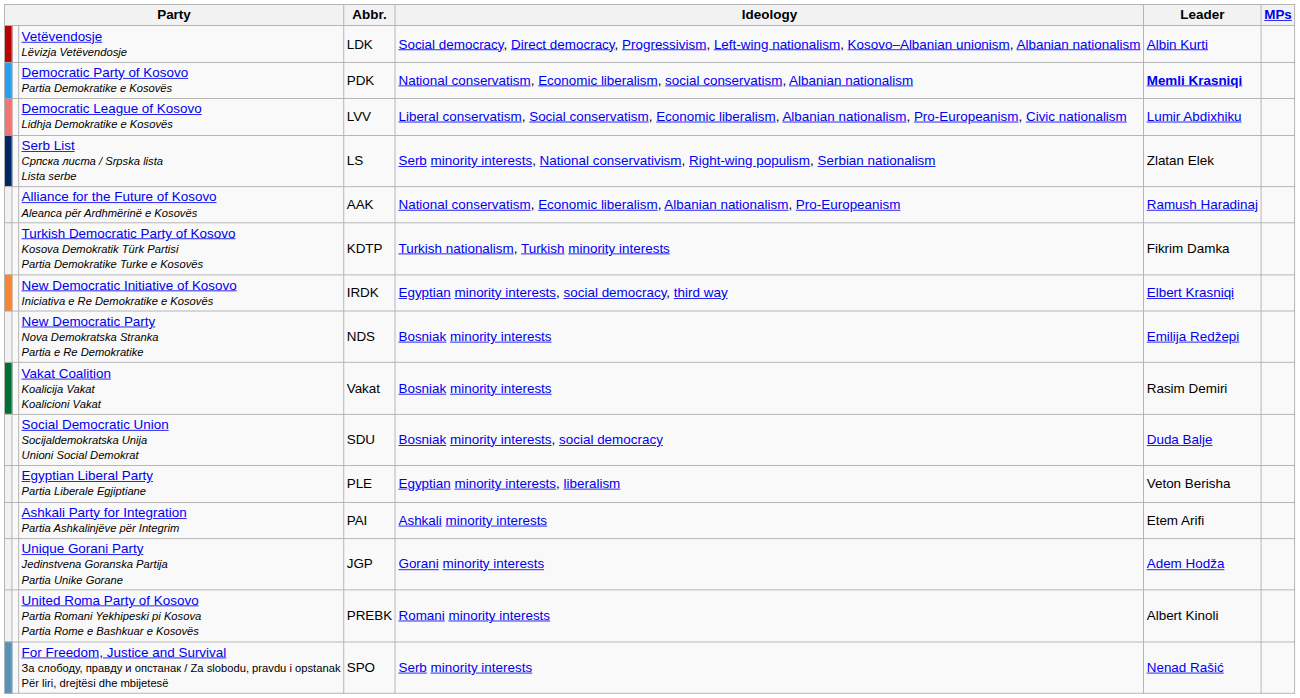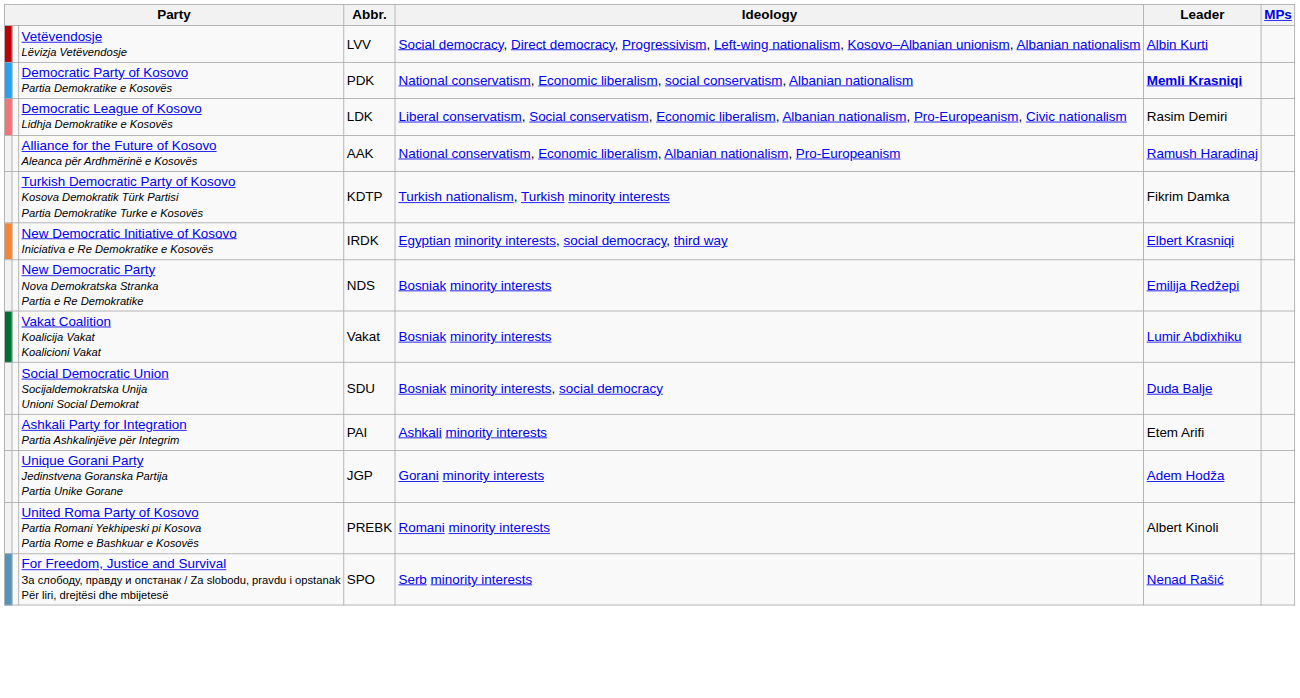 <table class="wikitable">
 <tr>
 <th colspan=3>Party</th>
 <th>Abbr.</th>
 <th>Ideology</th>
 <th>Leader</th>
 <th><a href='#'>MPs</a></th>
 </tr>
 <tr>
 <th style="background:#B90303; width:2px;"></th>
 <td></td>
 <td><a href='#'>Vetëvendosje</a><br><small><em>Lëvizja Vetëvendosje</em></small></td>
-<td>LDK</td>
+<td>LVV</td>
 <td><a href='#'>Social democracy</a>, <a href='#'>Direct democracy</a>, <a href='#'>Progressivism</a>, <a href='#'>Left-wing nationalism</a>, <a href='#'>Kosovo–Albanian unionism</a>, <a href='#'>Albanian nationalism</a></td>
 <td><a href='#'>Albin Kurti</a></td>
 <td></td>
 </tr>
 <tr>
 <th style="background:#27A1ED; width:2px;"></th>
 <td></td>
 <td><a href='#'>Democratic Party of Kosovo</a><br><small><em>Partia Demokratike e Kosovës</em></small></td>
 <td>PDK</td>
 <td><a href='#'>National conservatism</a>, <a href='#'>Economic liberalism</a>, <a href='#'>social conservatism</a>, <a href='#'>Albanian nationalism</a></td>
 <td><strong><a href='#'>Memli Krasniqi</a></strong></td>
 <td></td>
 </tr>
 <tr>
 <th style="background:#F37476; width:2px;"></th>
 <td></td>
 <td><a href='#'>Democratic League of Kosovo</a> <br><small><em>Lidhja Demokratike e Kosovës</em></small></td>
-<td>LVV</td>
+<td>LDK</td>
 <td><a href='#'>Liberal conservatism</a>, <a href='#'>Social conservatism</a>, <a href='#'>Economic liberalism</a>, <a href='#'>Albanian nationalism</a>, <a href='#'>Pro-Europeanism</a>, <a href='#'>Civic nationalism</a></td>
-<td><a href='#'>Lumir Abdixhiku</a></td>
-<td></td>
-</tr>
-<tr>
-<th style="background:#002864; width:2px;"></th>
-<td></td>
-<td><a href='#'>Serb List</a><br><small><em>Српска листа / Srpska lista</em><br><em>Lista serbe</em></small></td>
-<td>LS</td>
-<td><a href='#'>Serb</a> <a href='#'>minority interests</a>, <a href='#'>National conservativism</a>, <a href='#'>Right-wing populism</a>, <a href='#'>Serbian nationalism</a></td>
-<td>Zlatan Elek</td>
+<td>Rasim Demiri</td>
 <td></td>
 </tr>
 <tr>
 <th style="background:"></th>
 <td></td>
 <td><a href='#'>Alliance for the Future of Kosovo</a><br><small><em>Aleanca për Ardhmërinë e Kosovës</em></small></td>
 <td>AAK</td>
 <td><a href='#'>National conservatism</a>, <a href='#'>Economic liberalism</a>, <a href='#'>Albanian nationalism</a>, <a href='#'>Pro-Europeanism</a></td>
 <td><a href='#'>Ramush Haradinaj</a></td>
 <td></td>
 </tr>
 <tr>
 <th style="background:"></th>
 <td></td>
 <td><a href='#'>Turkish Democratic Party of Kosovo</a><br><small><em>Kosova Demokratik Türk Partisi<br>Partia Demokratike Turke e Kosovës</em></small></td>
 <td>KDTP</td>
 <td><a href='#'>Turkish nationalism</a>, <a href='#'>Turkish</a> <a href='#'>minority interests</a></td>
 <td>Fikrim Damka</td>
 <td></td>
 </tr>
 <tr>
 <th style="background:#F58634; width:2px;"></th>
 <td></td>
 <td><a href='#'>New Democratic Initiative of Kosovo</a><br><small><em>Iniciativa e Re Demokratike e Kosovës</em></small></td>
 <td>IRDK</td>
 <td><a href='#'>Egyptian</a> <a href='#'>minority interests</a>, <a href='#'>social democracy</a>, <a href='#'>third way</a></td>
 <td><a href='#'>Elbert Krasniqi</a></td>
 <td></td>
 </tr>
 <tr>
 <th style="background:"></th>
 <td></td>
 <td><a href='#'>New Democratic Party</a> <br><small><em>Nova Demokratska Stranka<br>Partia e Re Demokratike</em></small></td>
 <td>NDS</td>
 <td><a href='#'>Bosniak</a> <a href='#'>minority interests</a></td>
 <td><a href='#'>Emilija Redžepi</a></td>
 <td></td>
 </tr>
 <tr>
 <th style="background:#006F36; width:2px;"></th>
 <td></td>
 <td><a href='#'>Vakat Coalition</a> <br><small><em>Koalicija Vakat<br>Koalicioni Vakat</em></small></td>
 <td>Vakat</td>
 <td><a href='#'>Bosniak</a> <a href='#'>minority interests</a></td>
-<td>Rasim Demiri</td>
+<td><a href='#'>Lumir Abdixhiku</a></td>
 <td></td>
 </tr>
 <tr>
 <th style="background:"></th>
 <td></td>
 <td><a href='#'>Social Democratic Union</a> <br><small><em>Socijaldemokratska Unija<br>Unioni Social Demokrat</em></small></td>
 <td>SDU</td>
 <td><a href='#'>Bosniak</a> <a href='#'>minority interests</a>, <a href='#'>social democracy</a></td>
 <td><a href='#'>Duda Balje</a></td>
-<td></td>
-</tr>
-<tr>
-<th style="background:"></th>
-<td></td>
-<td><a href='#'>Egyptian Liberal Party</a> <br><small><em>Partia Liberale Egjiptiane</em></small></td>
-<td>PLE</td>
-<td><a href='#'>Egyptian</a> <a href='#'>minority interests</a>, <a href='#'>liberalism</a></td>
-<td>Veton Berisha</td>
 <td></td>
 </tr>
 <tr>
 <th style="background:"></th>
 <td></td>
 <td><a href='#'>Ashkali Party for Integration</a><br><small><em>Partia Ashkalinjëve për Integrim</em></small></td>
 <td>PAI</td>
 <td><a href='#'>Ashkali</a> <a href='#'>minority interests</a></td>
 <td>Etem Arifi</td>
 <td></td>
 </tr>
 <tr>
 <th style="background:"></th>
 <td></td>
 <td><a href='#'>Unique Gorani Party</a><br><small><em>Jedinstvena Goranska Partija<br>Partia Unike Gorane</em></small></td>
 <td>JGP</td>
 <td><a href='#'>Gorani</a> <a href='#'>minority interests</a></td>
 <td><a href='#'>Adem Hodža</a></td>
 <td></td>
 </tr>
 <tr>
 <th style="background:"></th>
 <td></td>
 <td><a href='#'>United Roma Party of Kosovo</a><br><small><em>Partia Romani Yekhipeski pi Kosova<br>Partia Rome e Bashkuar e Kosovës</em></small></td>
 <td>PREBK</td>
 <td><a href='#'>Romani</a> <a href='#'>minority interests</a></td>
 <td>Albert Kinoli</td>
 <td></td>
 </tr>
 <tr>
 <th style="background:#5593BA; width:2px;"></th>
 <td></td>
 <td><a href='#'>For Freedom, Justice and Survival</a><br><small>За слободу, правду и опстанак / Za slobodu, pravdu i opstanak<em><br></em>Për liri, drejtësi dhe mbijetesë</small></td>
 <td>SPO</td>
 <td><a href='#'>Serb</a> <a href='#'>minority interests</a></td>
 <td><a href='#'>Nenad Rašić</a></td>
 <td></td>
 </tr>
 </table>
